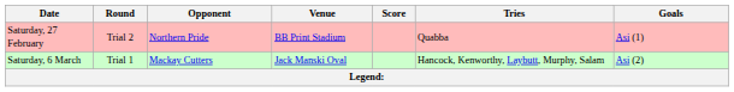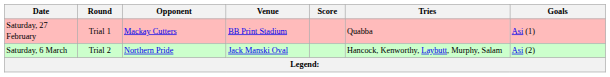 <table class="wikitable" style="font-size:75%;">
 <tr>
 <th style="width:115px;">Date</th>
 <th style="width:65px;">Round</th>
 <th style="width:170px;">Opponent</th>
 <th style="width:135px;">Venue</th>
 <th style="width:50px;">Score</th>
 <th style="width:280px;">Tries</th>
 <th style="width:160px;">Goals</th>
 </tr>
 <tr style="background:#FFBBBB">
 <td>Saturday, 27 February</td>
-<td style="text-align:center;">Trial 2</td>
-<td> <a href='#'>Northern Pride</a></td>
+<td style="text-align:center;">Trial 1</td>
+<td> <a href='#'>Mackay Cutters</a></td>
 <td><a href='#'>BB Print Stadium</a></td>
 <td style="text-align:center;"></td>
 <td>Quabba</td>
 <td><a href='#'>Asi</a> (1)</td>
 </tr>
 <tr style="background:#CCFFCC">
 <td>Saturday, 6 March</td>
-<td style="text-align:center;">Trial 1</td>
-<td> <a href='#'>Mackay Cutters</a></td>
+<td style="text-align:center;">Trial 2</td>
+<td> <a href='#'>Northern Pride</a></td>
 <td><a href='#'>Jack Manski Oval</a></td>
 <td style="text-align:center;"></td>
 <td>Hancock, Kenworthy, <a href='#'>Laybutt</a>, Murphy, Salam</td>
 <td><a href='#'>Asi</a> (2)</td>
 </tr>
 <tr>
 <th colspan="11"><strong>Legend</strong>:    </th>
 </tr>
 </table>
